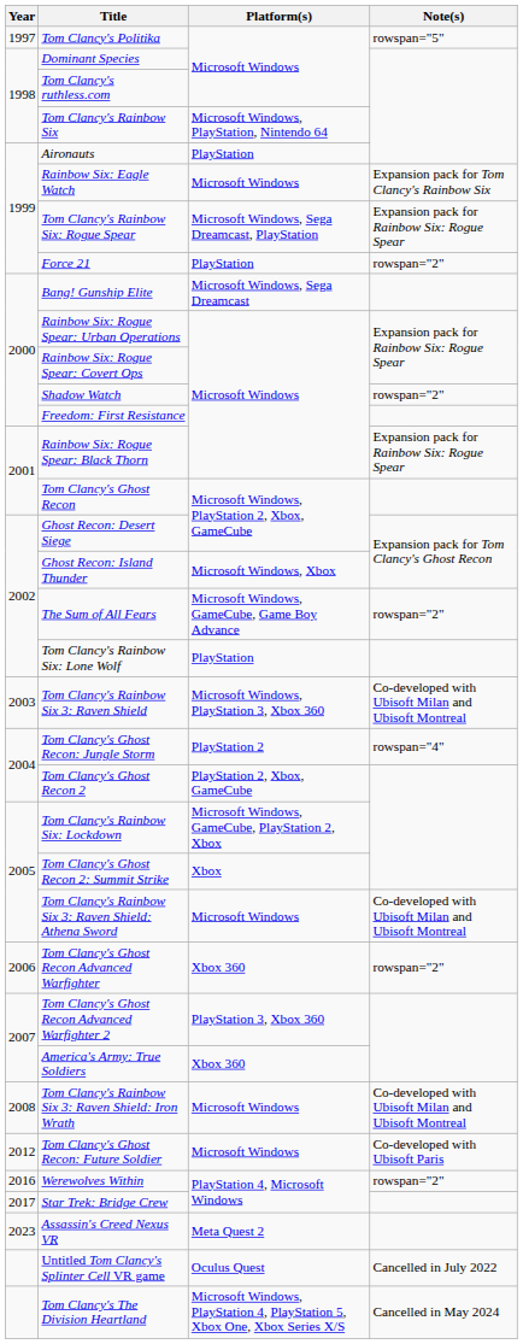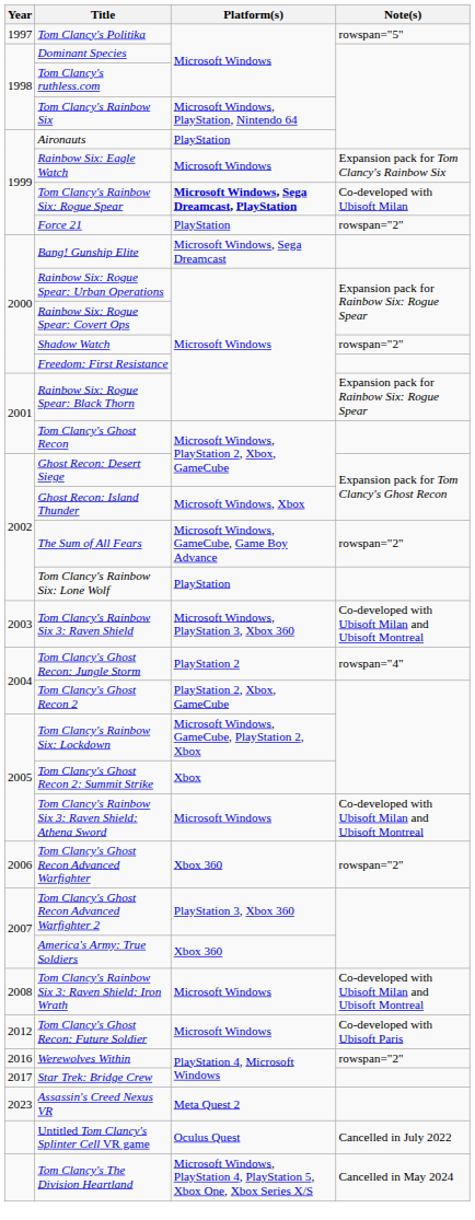 <table class="wikitable">
 <tr>
 <th>Year</th>
 <th>Title</th>
 <th>Platform(s)</th>
 <th>Note(s)</th>
 </tr>
 <tr>
 <td>1997</td>
 <td><em><a href='#'>Tom Clancy's Politika</a></em></td>
 <td rowspan="3"><a href='#'>Microsoft Windows</a></td>
 <td>rowspan="5" </td>
 </tr>
 <tr>
 <td rowspan="3">1998</td>
 <td><em><a href='#'>Dominant Species</a></em></td>
 </tr>
 <tr>
 <td><em><a href='#'>Tom Clancy's ruthless.com</a></em></td>
 </tr>
 <tr>
 <td><em><a href='#'>Tom Clancy's Rainbow Six</a></em></td>
 <td><a href='#'>Microsoft Windows</a>, <a href='#'>PlayStation</a>, <a href='#'>Nintendo 64</a></td>
 </tr>
 <tr>
 <td rowspan="4">1999</td>
 <td><em>Aironauts</em></td>
 <td><a href='#'>PlayStation</a></td>
 </tr>
 <tr>
 <td><em><a href='#'>Rainbow Six: Eagle Watch</a></em></td>
 <td><a href='#'>Microsoft Windows</a></td>
 <td>Expansion pack for <em>Tom Clancy's Rainbow Six</em></td>
 </tr>
 <tr>
 <td><em><a href='#'>Tom Clancy's Rainbow Six: Rogue Spear</a></em></td>
-<td><a href='#'>Microsoft Windows</a>, <a href='#'>Sega Dreamcast</a>, <a href='#'>PlayStation</a></td>
-<td>Expansion pack for <em>Rainbow Six: Rogue Spear</em></td>
+<td><strong><a href='#'>Microsoft Windows</a>, <a href='#'>Sega Dreamcast</a>, <a href='#'>PlayStation</a></strong></td>
+<td>Co-developed with <a href='#'>Ubisoft Milan</a></td>
 </tr>
 <tr>
 <td><em><a href='#'>Force 21</a></em></td>
 <td><a href='#'>PlayStation</a></td>
 <td>rowspan="2" </td>
 </tr>
 <tr>
 <td rowspan="5">2000</td>
 <td><em><a href='#'>Bang! Gunship Elite</a></em></td>
 <td><a href='#'>Microsoft Windows</a>, <a href='#'>Sega Dreamcast</a></td>
 </tr>
 <tr>
 <td><em><a href='#'>Rainbow Six: Rogue Spear: Urban Operations</a></em></td>
 <td rowspan="5"><a href='#'>Microsoft Windows</a></td>
 <td rowspan="2">Expansion pack for <em>Rainbow Six: Rogue Spear</em></td>
 </tr>
 <tr>
 <td><em><a href='#'>Rainbow Six: Rogue Spear: Covert Ops</a></em></td>
 </tr>
 <tr>
 <td><em><a href='#'>Shadow Watch</a></em></td>
 <td>rowspan="2" </td>
 </tr>
 <tr>
 <td><em><a href='#'>Freedom: First Resistance</a></em></td>
 </tr>
 <tr>
 <td rowspan="2">2001</td>
 <td><em><a href='#'>Rainbow Six: Rogue Spear: Black Thorn</a></em></td>
 <td>Expansion pack for <em>Rainbow Six: Rogue Spear</em></td>
 </tr>
 <tr>
 <td><em><a href='#'>Tom Clancy's Ghost Recon</a></em></td>
 <td rowspan="2"><a href='#'>Microsoft Windows</a>, <a href='#'>PlayStation 2</a>, <a href='#'>Xbox</a>, <a href='#'>GameCube</a></td>
 <td></td>
 </tr>
 <tr>
 <td rowspan="4">2002</td>
 <td><em><a href='#'>Ghost Recon: Desert Siege</a></em></td>
 <td rowspan="2">Expansion pack for <em>Tom Clancy's Ghost Recon</em></td>
 </tr>
 <tr>
 <td><em><a href='#'>Ghost Recon: Island Thunder</a></em></td>
 <td><a href='#'>Microsoft Windows</a>, <a href='#'>Xbox</a></td>
 </tr>
 <tr>
 <td><em><a href='#'>The Sum of All Fears</a></em></td>
 <td><a href='#'>Microsoft Windows</a>, <a href='#'>GameCube</a>, <a href='#'>Game Boy Advance</a></td>
 <td>rowspan="2" </td>
 </tr>
 <tr>
 <td><em>Tom Clancy's Rainbow Six: Lone Wolf</em></td>
 <td><a href='#'>PlayStation</a></td>
 </tr>
 <tr>
 <td>2003</td>
 <td><em><a href='#'>Tom Clancy's Rainbow Six 3: Raven Shield</a></em></td>
 <td><a href='#'>Microsoft Windows</a>, <a href='#'>PlayStation 3</a>, <a href='#'>Xbox 360</a></td>
 <td>Co-developed with <a href='#'>Ubisoft Milan</a> and <a href='#'>Ubisoft Montreal</a></td>
 </tr>
 <tr>
 <td rowspan="2">2004</td>
 <td><em><a href='#'>Tom Clancy's Ghost Recon: Jungle Storm</a></em></td>
 <td><a href='#'>PlayStation 2</a></td>
 <td>rowspan="4" </td>
 </tr>
 <tr>
 <td><em><a href='#'>Tom Clancy's Ghost Recon 2</a></em></td>
 <td><a href='#'>PlayStation 2</a>, <a href='#'>Xbox</a>, <a href='#'>GameCube</a></td>
 </tr>
 <tr>
 <td rowspan="3">2005</td>
 <td><em><a href='#'>Tom Clancy's Rainbow Six: Lockdown</a></em></td>
 <td><a href='#'>Microsoft Windows</a>, <a href='#'>GameCube</a>, <a href='#'>PlayStation 2</a>, <a href='#'>Xbox</a></td>
 </tr>
 <tr>
 <td><em><a href='#'>Tom Clancy's Ghost Recon 2: Summit Strike</a></em></td>
 <td><a href='#'>Xbox</a></td>
 </tr>
 <tr>
 <td><em><a href='#'>Tom Clancy's Rainbow Six 3: Raven Shield: Athena Sword</a></em></td>
 <td><a href='#'>Microsoft Windows</a></td>
 <td>Co-developed with <a href='#'>Ubisoft Milan</a> and <a href='#'>Ubisoft Montreal</a></td>
 </tr>
 <tr>
 <td>2006</td>
 <td><em><a href='#'>Tom Clancy's Ghost Recon Advanced Warfighter</a></em></td>
 <td><a href='#'>Xbox 360</a></td>
 <td>rowspan="2" </td>
 </tr>
 <tr>
 <td rowspan="2">2007</td>
 <td><em><a href='#'>Tom Clancy's Ghost Recon Advanced Warfighter 2</a></em></td>
 <td><a href='#'>PlayStation 3</a>, <a href='#'>Xbox 360</a></td>
 </tr>
 <tr>
 <td><em><a href='#'>America's Army: True Soldiers</a></em></td>
 <td><a href='#'>Xbox 360</a></td>
 </tr>
 <tr>
 <td rowspan="1">2008</td>
 <td><em><a href='#'>Tom Clancy's Rainbow Six 3: Raven Shield: Iron Wrath</a></em></td>
 <td><a href='#'>Microsoft Windows</a></td>
 <td>Co-developed with <a href='#'>Ubisoft Milan</a> and <a href='#'>Ubisoft Montreal</a></td>
 </tr>
 <tr>
 <td>2012</td>
 <td><em><a href='#'>Tom Clancy's Ghost Recon: Future Soldier</a></em></td>
 <td><a href='#'>Microsoft Windows</a></td>
 <td>Co-developed with <a href='#'>Ubisoft Paris</a></td>
 </tr>
 <tr>
 <td>2016</td>
 <td><em><a href='#'>Werewolves Within</a></em></td>
 <td rowspan="2"><a href='#'>PlayStation 4</a>, <a href='#'>Microsoft Windows</a></td>
 <td>rowspan="2" </td>
 </tr>
 <tr>
 <td>2017</td>
 <td><em><a href='#'>Star Trek: Bridge Crew</a></em></td>
 </tr>
 <tr>
 <td>2023</td>
 <td><em><a href='#'>Assassin's Creed Nexus VR</a></em></td>
 <td><a href='#'>Meta Quest 2</a></td>
 <td></td>
 </tr>
 <tr>
 <td></td>
 <td><a href='#'>Untitled <em>Tom Clancy's Splinter Cell</em> VR game</a></td>
 <td><a href='#'>Oculus Quest</a></td>
 <td>Cancelled in July 2022</td>
 </tr>
 <tr>
 <td></td>
 <td><em><a href='#'>Tom Clancy's The Division Heartland</a></em></td>
 <td><a href='#'>Microsoft Windows</a>, <a href='#'>PlayStation 4</a>, <a href='#'>PlayStation 5</a>, <a href='#'>Xbox One</a>, <a href='#'>Xbox Series X/S</a></td>
 <td>Cancelled in May 2024</td>
 </tr>
 </table>
